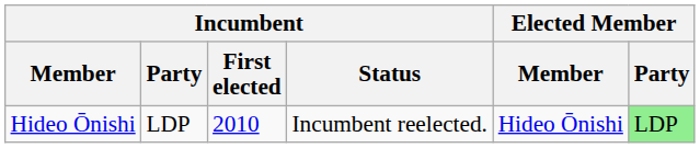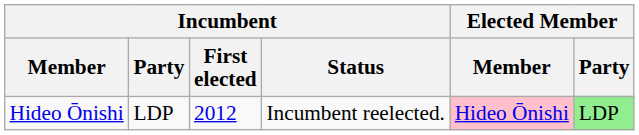 <table class="wikitable sortable">
 <tr>
 <th colspan=4>Incumbent</th>
 <th colspan=2>Elected Member</th>
 </tr>
 <tr>
 <th>Member</th>
 <th>Party</th>
 <th>First<br>elected</th>
 <th>Status</th>
 <th>Member</th>
 <th>Party</th>
 </tr>
 <tr>
 <td><a href='#'>Hideo Ōnishi</a></td>
 <td>LDP</td>
-<td><a href='#'>2010</a></td>
+<td><a href='#'>2012</a></td>
 <td>Incumbent reelected.</td>
-<td><a href='#'>Hideo Ōnishi</a></td>
+<td style="background: pink;"><a href='#'>Hideo Ōnishi</a></td>
 <td style="background: lightgreen;">LDP</td>
 </tr>
 </table>
